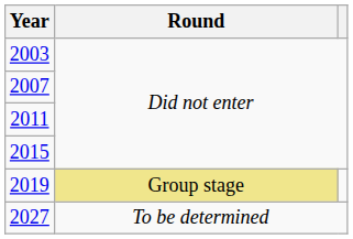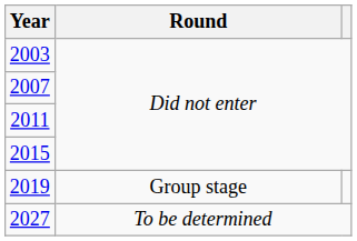 <table class="wikitable" style="text-align: center; font-size:90%">
 <tr>
 <th>Year</th>
 <th style="width:200px">Round</th>
 <th></th>
 </tr>
 <tr>
 <td><a href='#'>2003</a></td>
 <td colspan="2" rowspan="4"><em>Did not enter</em></td>
 </tr>
 <tr>
 <td><a href='#'>2007</a></td>
 </tr>
 <tr>
 <td><a href='#'>2011</a></td>
 </tr>
 <tr>
 <td><a href='#'>2015</a></td>
 </tr>
 <tr>
 <td><a href='#'>2019</a></td>
-<td style="background: khaki;">Group stage</td>
+<td>Group stage</td>
 <td></td>
 </tr>
 <tr>
 <td><a href='#'>2027</a></td>
 <td colspan="2"><em>To be determined</em></td>
 </tr>
 </table>
